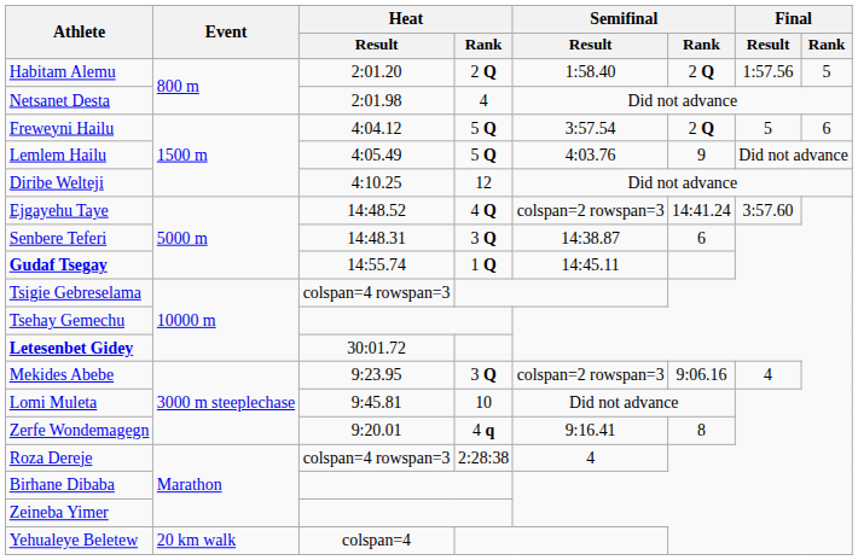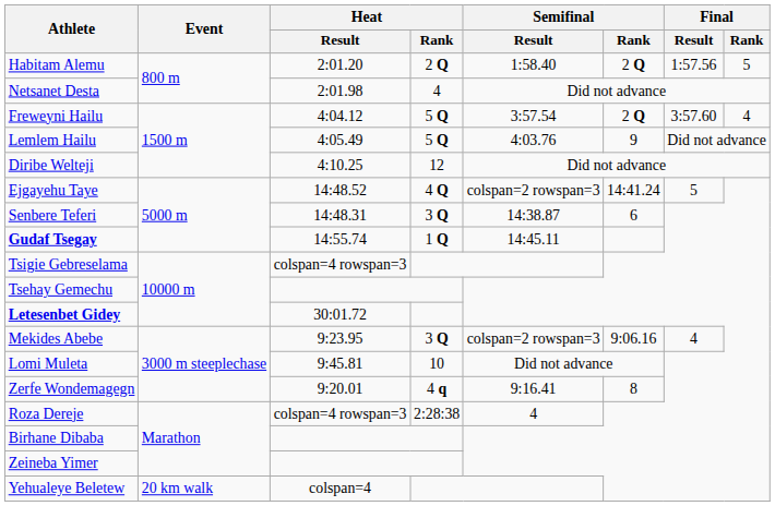 <table class="wikitable" style="font-size:90%">
 <tr>
 <th rowspan="2">Athlete</th>
 <th rowspan="2">Event</th>
 <th colspan="2">Heat</th>
 <th colspan="2">Semifinal</th>
 <th colspan="2">Final</th>
 </tr>
 <tr style="font-size:95%">
 <th>Result</th>
 <th>Rank</th>
 <th>Result</th>
 <th>Rank</th>
 <th>Result</th>
 <th>Rank</th>
 </tr>
 <tr align=center>
 <td align=left><a href='#'>Habitam Alemu</a></td>
 <td align=left rowspan=2><a href='#'>800 m</a></td>
 <td>2:01.20</td>
 <td>2 <strong>Q</strong></td>
 <td>1:58.40</td>
 <td>2 <strong>Q</strong></td>
 <td>1:57.56</td>
 <td>5</td>
 </tr>
 <tr align=center>
 <td align=left><a href='#'>Netsanet Desta</a></td>
 <td>2:01.98</td>
 <td>4</td>
 <td colspan=4>Did not advance</td>
 </tr>
 <tr align=center>
 <td align=left><a href='#'>Freweyni Hailu</a></td>
 <td align=left rowspan=3><a href='#'>1500 m</a></td>
 <td>4:04.12</td>
 <td>5 <strong>Q</strong></td>
 <td>3:57.54</td>
 <td>2 <strong>Q</strong></td>
-<td>5</td>
-<td>6</td>
+<td>3:57.60</td>
+<td>4</td>
 </tr>
 <tr align=center>
 <td align=left><a href='#'>Lemlem Hailu</a></td>
 <td>4:05.49</td>
 <td>5 <strong>Q</strong></td>
 <td>4:03.76</td>
 <td>9</td>
 <td colspan=2>Did not advance</td>
 </tr>
 <tr align="center">
 <td align="left"><a href='#'>Diribe Welteji</a></td>
 <td>4:10.25</td>
 <td>12</td>
 <td colspan="4">Did not advance</td>
 </tr>
 <tr align=center>
 <td align=left><a href='#'>Ejgayehu Taye</a></td>
 <td align=left rowspan=3><a href='#'>5000 m</a></td>
 <td>14:48.52</td>
 <td>4 <strong>Q</strong></td>
 <td>colspan=2 rowspan=3 </td>
 <td>14:41.24</td>
-<td>3:57.60</td>
+<td>5</td>
 </tr>
 <tr align=center>
 <td align=left><a href='#'>Senbere Teferi</a></td>
 <td>14:48.31</td>
 <td>3 <strong>Q</strong></td>
 <td>14:38.87</td>
 <td>6</td>
 </tr>
 <tr align=center>
 <td align=left><strong><a href='#'>Gudaf Tsegay</a></strong></td>
 <td>14:55.74</td>
 <td>1 <strong>Q</strong></td>
 <td>14:45.11</td>
 <td></td>
 </tr>
 <tr align=center>
 <td align=left><a href='#'>Tsigie Gebreselama</a></td>
 <td rowspan="3" align="left"><a href='#'>10000 m</a></td>
 <td>colspan=4 rowspan=3 </td>
 <td colspan=2></td>
 </tr>
 <tr align=center>
 <td align=left><a href='#'>Tsehay Gemechu</a></td>
 <td colspan=2></td>
 </tr>
 <tr align=center>
 <td align=left><strong><a href='#'>Letesenbet Gidey</a></strong></td>
 <td>30:01.72</td>
 <td></td>
 </tr>
 <tr align=center>
 <td align=left><a href='#'>Mekides Abebe</a></td>
 <td align=left rowspan=3><a href='#'>3000 m steeplechase</a></td>
 <td>9:23.95</td>
 <td>3 <strong>Q</strong></td>
 <td>colspan=2 rowspan=3 </td>
 <td>9:06.16</td>
 <td>4</td>
 </tr>
 <tr align=center>
 <td align=left><a href='#'>Lomi Muleta</a></td>
 <td>9:45.81</td>
 <td>10</td>
 <td colspan="2">Did not advance</td>
 </tr>
 <tr align=center>
 <td align=left><a href='#'>Zerfe Wondemagegn</a></td>
 <td>9:20.01</td>
 <td>4 <strong>q</strong></td>
 <td>9:16.41</td>
 <td>8</td>
 </tr>
 <tr align=center>
 <td align=left><a href='#'>Roza Dereje</a></td>
 <td align=left rowspan=3><a href='#'>Marathon</a></td>
 <td>colspan=4 rowspan=3 </td>
 <td>2:28:38</td>
 <td>4</td>
 </tr>
 <tr align=center>
 <td align=left><a href='#'>Birhane Dibaba</a></td>
 <td colspan=2></td>
 </tr>
 <tr align=center>
 <td align=left><a href='#'>Zeineba Yimer</a></td>
 <td colspan=2></td>
 </tr>
 <tr align=center>
 <td align=left><a href='#'>Yehualeye Beletew</a></td>
 <td align=left><a href='#'>20 km walk</a></td>
 <td>colspan=4 </td>
 <td colspan=2></td>
 </tr>
 </table>
